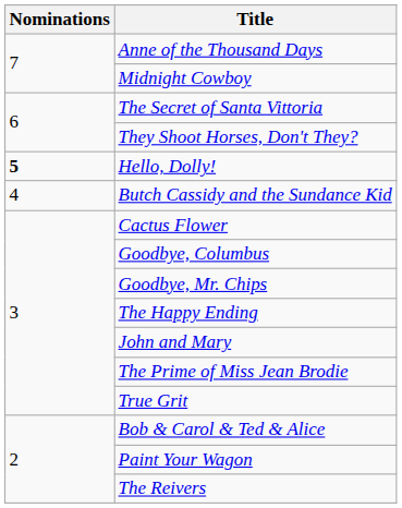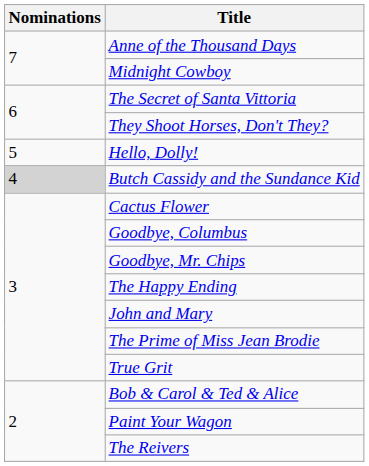 <table class="wikitable">
 <tr>
 <th>Nominations</th>
 <th>Title</th>
 </tr>
 <tr>
 <td rowspan="2">7</td>
 <td><em><a href='#'>Anne of the Thousand Days</a></em></td>
 </tr>
 <tr>
 <td><em><a href='#'>Midnight Cowboy</a></em></td>
 </tr>
 <tr>
 <td rowspan="2">6</td>
 <td><em><a href='#'>The Secret of Santa Vittoria</a></em></td>
 </tr>
 <tr>
 <td><em><a href='#'>They Shoot Horses, Don't They?</a></em></td>
 </tr>
 <tr>
-<td><strong>5</strong></td>
+<td>5</td>
 <td><em><a href='#'>Hello, Dolly!</a></em></td>
 </tr>
 <tr>
-<td>4</td>
+<td style="background: lightgrey;">4</td>
 <td><em><a href='#'>Butch Cassidy and the Sundance Kid</a></em></td>
 </tr>
 <tr>
 <td rowspan="7">3</td>
 <td><em><a href='#'>Cactus Flower</a></em></td>
 </tr>
 <tr>
 <td><em><a href='#'>Goodbye, Columbus</a></em></td>
 </tr>
 <tr>
 <td><em><a href='#'>Goodbye, Mr. Chips</a></em></td>
 </tr>
 <tr>
 <td><em><a href='#'>The Happy Ending</a></em></td>
 </tr>
 <tr>
 <td><em><a href='#'>John and Mary</a></em></td>
 </tr>
 <tr>
 <td><em><a href='#'>The Prime of Miss Jean Brodie</a></em></td>
 </tr>
 <tr>
 <td><em><a href='#'>True Grit</a></em></td>
 </tr>
 <tr>
 <td rowspan="3">2</td>
 <td><em><a href='#'>Bob & Carol & Ted & Alice</a></em></td>
 </tr>
 <tr>
 <td><em><a href='#'>Paint Your Wagon</a></em></td>
 </tr>
 <tr>
 <td><em><a href='#'>The Reivers</a></em></td>
 </tr>
 </table>
